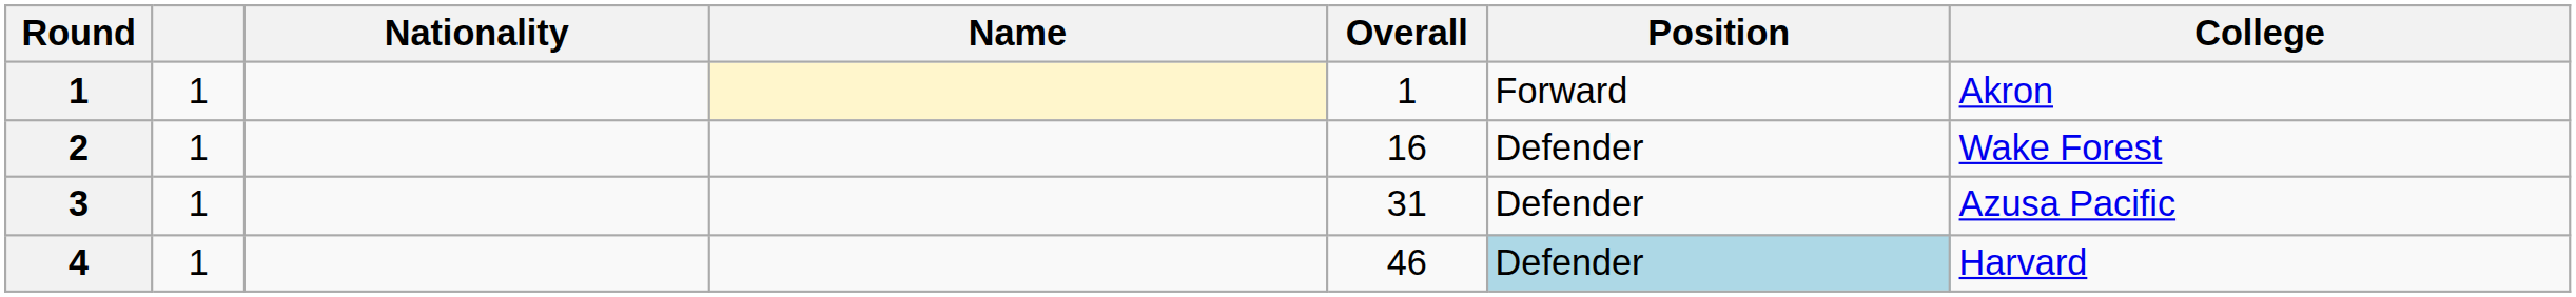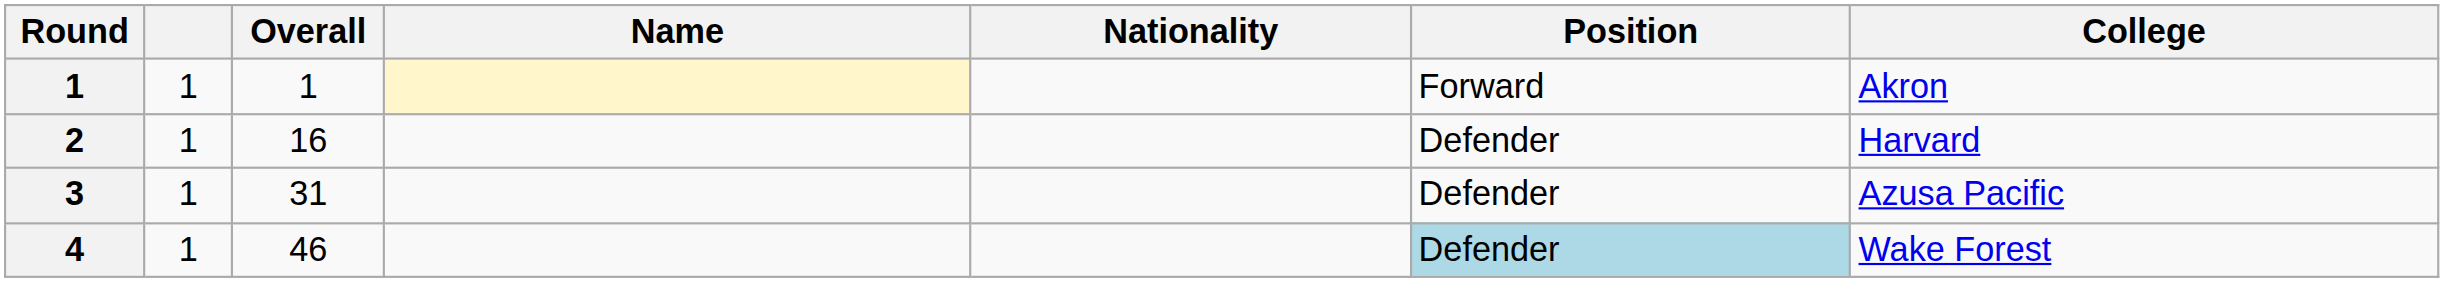 <table class="wikitable sortable" style="width:90%">
 <tr>
 <th scope="col" style="width: 3%;">Round</th>
 <th scope="col" style="width: 3%;"></th>
+<th scope="col" style="width: 4%;">Overall</th>
+<th scope="col" style="width: 20%;">Name</th>
 <th scope="col" style="width: 15%;">Nationality</th>
-<th scope="col" style="width: 20%;">Name</th>
-<th scope="col" style="width: 4%;">Overall</th>
 <th scope="col" style="width: 15%;">Position</th>
 <th scope="col" style="width: 20%;">College</th>
 </tr>
 <tr>
 <th scope="row">1</th>
 <td align="center">1</td>
+<td align="center">1</td>
+<td style="background-color:#fff6cc;"> </td>
 <td></td>
-<td style="background-color:#fff6cc;"> </td>
-<td align="center">1</td>
 <td>Forward</td>
 <td><a href='#'>Akron</a></td>
 </tr>
 <tr>
 <th scope="row">2</th>
 <td align="center">1</td>
+<td align="center">16</td>
 <td></td>
 <td></td>
-<td align="center">16</td>
 <td>Defender</td>
-<td><a href='#'>Wake Forest</a></td>
+<td><a href='#'>Harvard</a></td>
 </tr>
 <tr>
 <th scope="row">3</th>
 <td align="center">1</td>
+<td align="center">31</td>
 <td></td>
 <td></td>
-<td align="center">31</td>
 <td>Defender</td>
 <td><a href='#'>Azusa Pacific</a></td>
 </tr>
 <tr>
 <th scope="row">4</th>
 <td align="center">1</td>
+<td align="center">46</td>
 <td></td>
 <td></td>
-<td align="center">46</td>
 <td style="background: lightblue;">Defender</td>
-<td><a href='#'>Harvard</a></td>
+<td><a href='#'>Wake Forest</a></td>
 </tr>
 </table>
